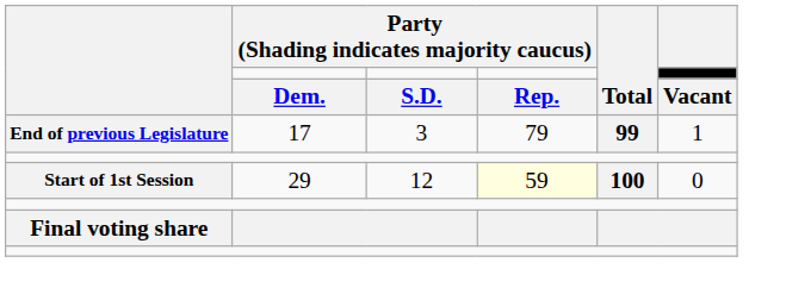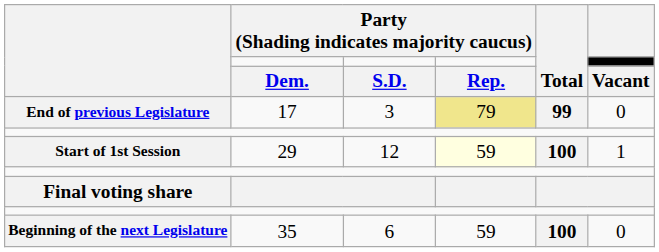 <table class=wikitable style="text-align:center">
 <tr style="vertical-align:bottom;">
 <th rowspan=3></th>
 <th colspan=3>Party <div>(Shading indicates majority caucus)</div></th>
 <th rowspan=3>Total</th>
 <th></th>
 </tr>
 <tr style="height:5px">
 <td style="background-color:"></td>
 <td style="background-color:"></td>
 <td style="background-color:"></td>
 <td style="background:black;"></td>
 </tr>
 <tr>
 <th><a href='#'>Dem.</a></th>
 <th><a href='#'>S.D.</a></th>
 <th><a href='#'>Rep.</a></th>
 <th>Vacant</th>
 </tr>
 <tr>
 <th style="font-size:80%;">End of <a href='#'>previous Legislature</a></th>
 <td>17</td>
 <td>3</td>
-<td>79</td>
+<td style="background: khaki;">79</td>
 <th>99</th>
-<td>1</td>
+<td>0</td>
 </tr>
 <tr>
 <td colspan=6></td>
 </tr>
 <tr>
 <th style="font-size:80%;">Start of 1st Session</th>
 <td>29</td>
 <td>12</td>
 <td style="background: lightyellow;">59</td>
 <th>100</th>
-<td>0</td>
+<td>1</td>
 </tr>
 <tr>
 <td colspan=6></td>
 </tr>
 <tr>
 <th>Final voting share</th>
 <th colspan=2></th>
 <th></th>
 <th colspan=2></th>
 </tr>
 <tr>
 <td colspan=6></td>
 </tr>
+<tr>
+<th style="font-size:80%;">Beginning of the <a href='#'>next Legislature</a></th>
+<td>35</td>
+<td>6</td>
+<td>59</td>
+<th>100</th>
+<td>0</td>
+</tr>
 </table>
